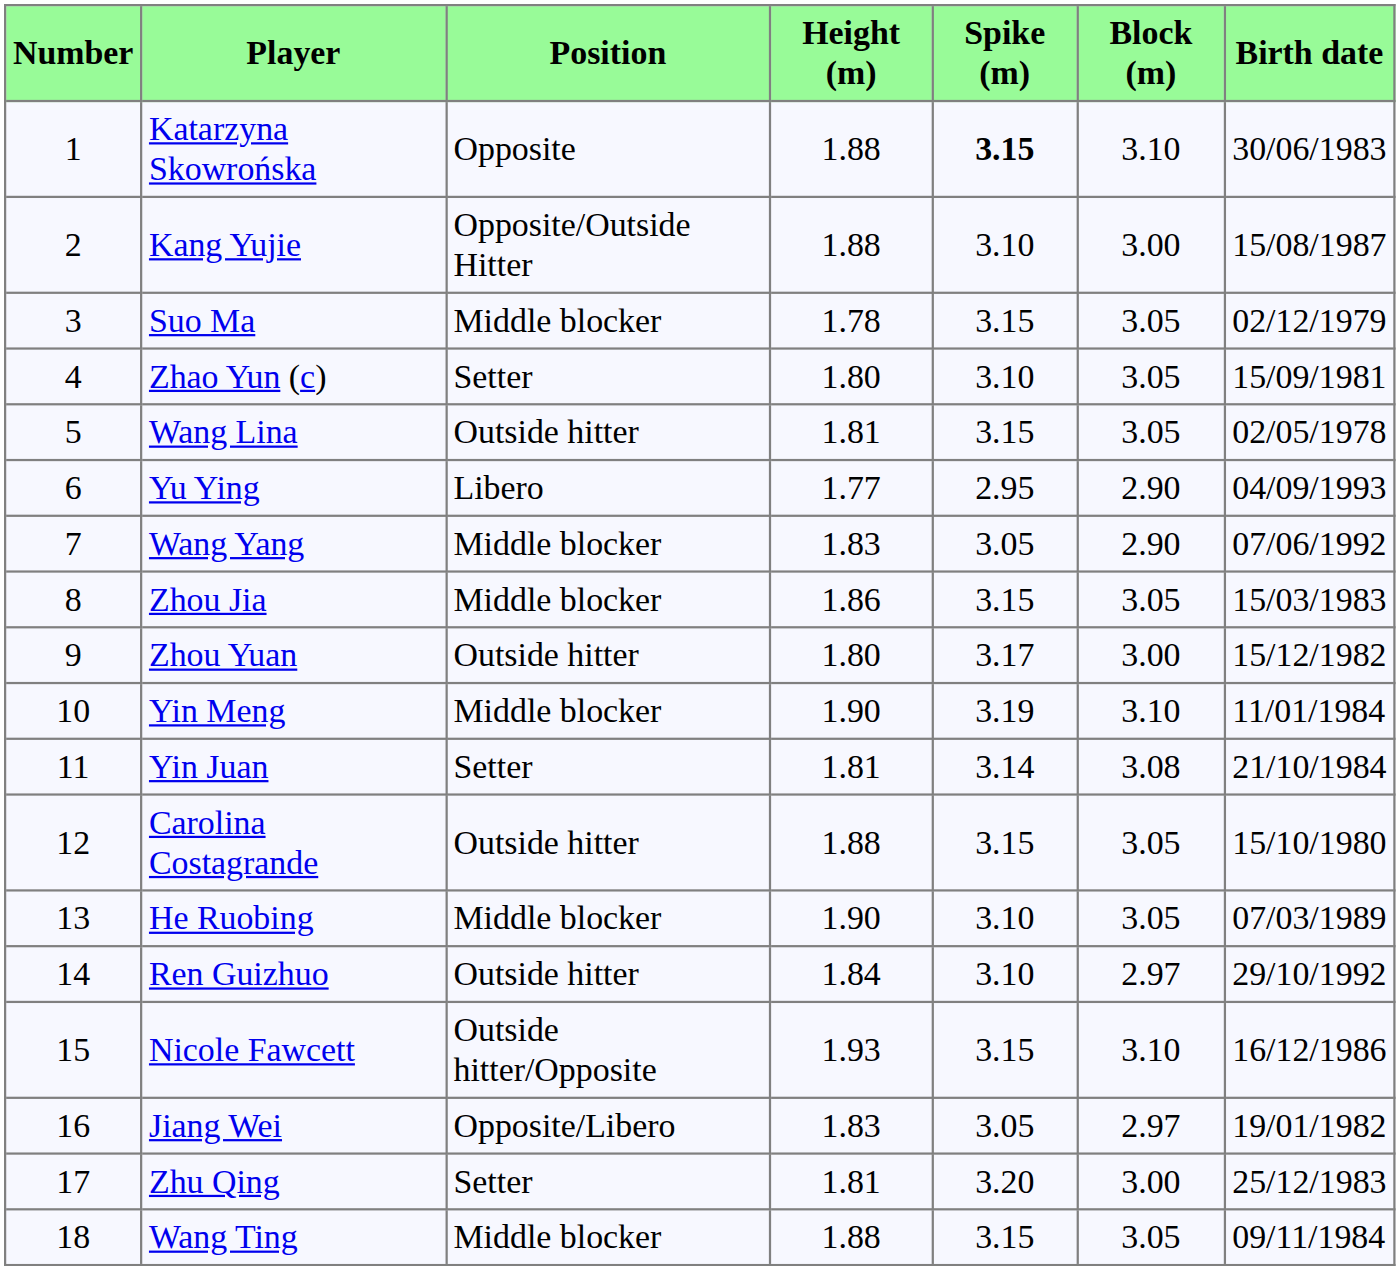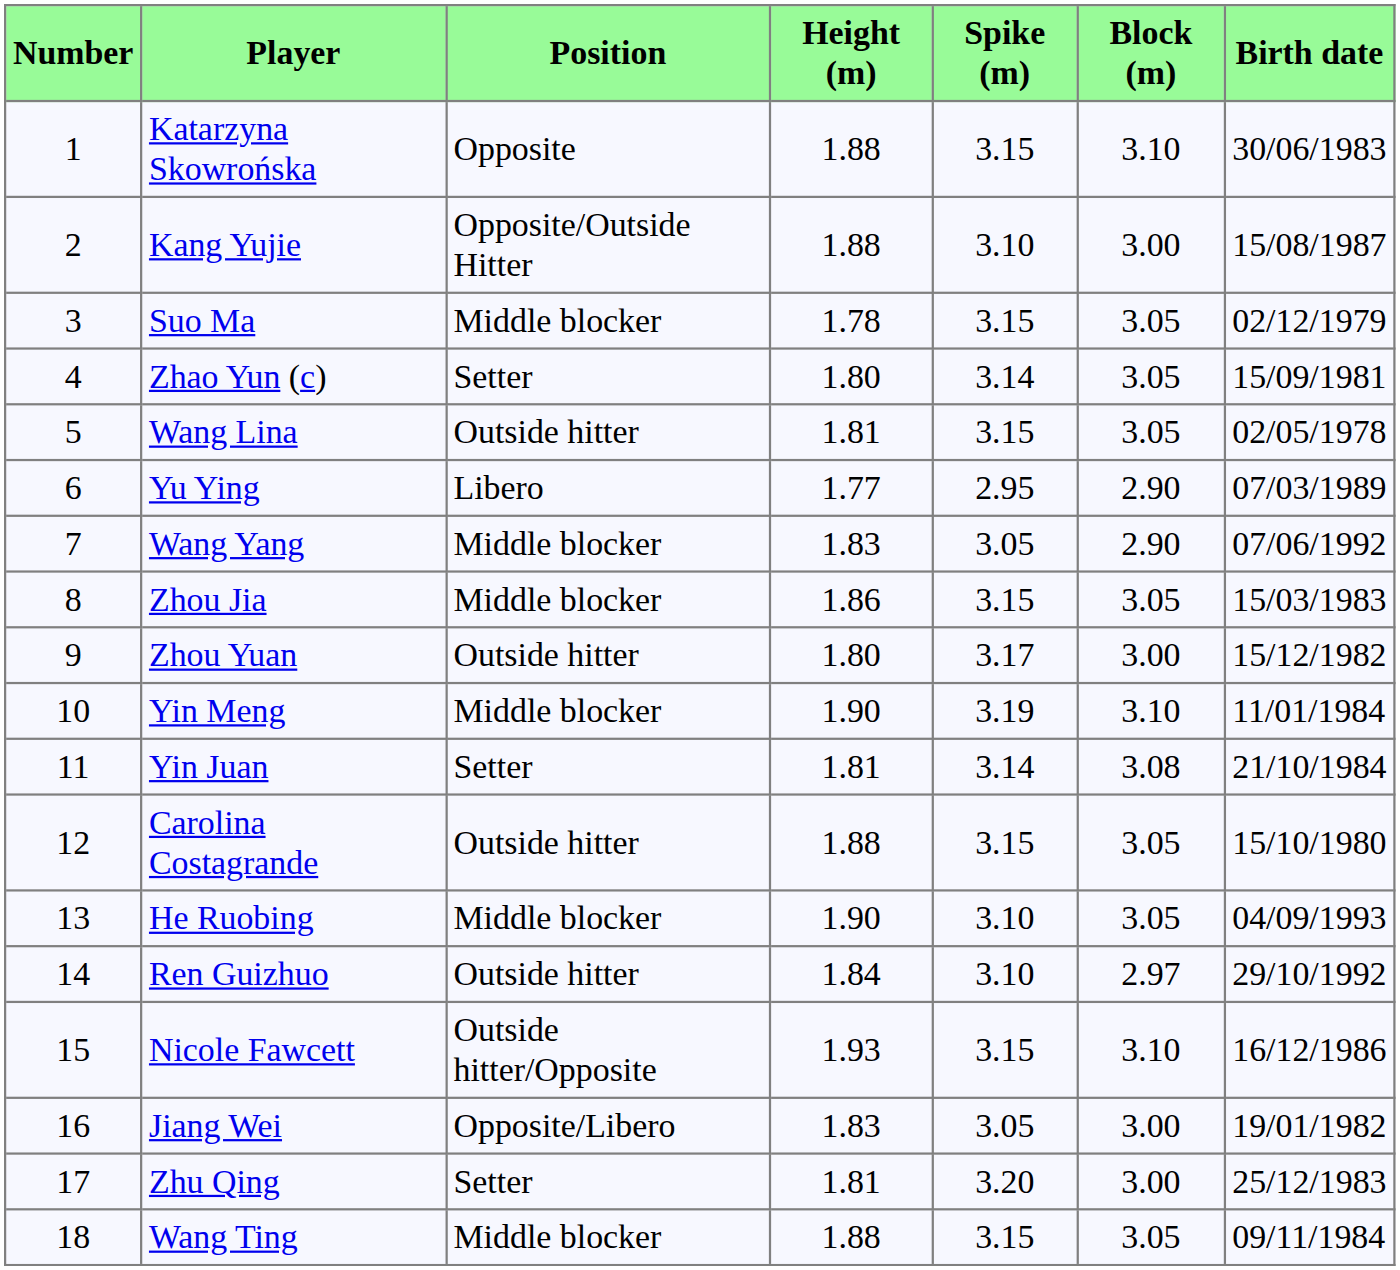 <table bgcolor="#f7f8ff" cellpadding="3" cellspacing="0" border="1" style="font-size: 95%; border: gray solid 1px; border-collapse: collapse;">
 <tr bgcolor="98FB98">
 <td align=center><strong>Number</strong></td>
 <td align=center><strong>Player</strong></td>
 <td align=center><strong>Position</strong></td>
 <td align=center><strong>Height (m)</strong></td>
 <td align=center><strong>Spike (m)</strong></td>
 <td align=center><strong>Block (m)</strong></td>
 <td align=center><strong>Birth date</strong></td>
 </tr>
 <tr align="left">
 <td align="center">1</td>
 <td> <a href='#'>Katarzyna Skowrońska</a></td>
 <td>Opposite</td>
 <td align="center">1.88</td>
-<td align="center"><strong>3.15</strong></td>
+<td align="center">3.15</td>
 <td align="center">3.10</td>
 <td>30/06/1983</td>
 </tr>
 <tr align=left>
 <td align="center">2</td>
 <td> <a href='#'>Kang Yujie</a></td>
 <td>Opposite/Outside Hitter</td>
 <td align="center">1.88</td>
 <td align="center">3.10</td>
 <td align="center">3.00</td>
 <td>15/08/1987</td>
 </tr>
 <tr align="left">
 <td align="center">3</td>
 <td> <a href='#'>Suo Ma</a></td>
 <td>Middle blocker</td>
 <td align="center">1.78</td>
 <td align="center">3.15</td>
 <td align="center">3.05</td>
 <td>02/12/1979</td>
 </tr>
 <tr align=left>
 <td align="center">4</td>
 <td> <a href='#'>Zhao Yun</a> (<a href='#'>c</a>)</td>
 <td>Setter</td>
 <td align="center">1.80</td>
-<td align="center">3.10</td>
+<td align="center">3.14</td>
 <td align="center">3.05</td>
 <td>15/09/1981</td>
 </tr>
 <tr align=left>
 <td align="center">5</td>
 <td>  <a href='#'>Wang Lina</a></td>
 <td>Outside hitter</td>
 <td align="center">1.81</td>
 <td align="center">3.15</td>
 <td align="center">3.05</td>
 <td>02/05/1978</td>
 </tr>
 <tr align=left>
 <td align="center">6</td>
 <td> <a href='#'>Yu Ying</a></td>
 <td>Libero</td>
 <td align="center">1.77</td>
 <td align="center">2.95</td>
 <td align="center">2.90</td>
-<td>04/09/1993</td>
+<td>07/03/1989</td>
 </tr>
 <tr align=left>
 <td align="center">7</td>
 <td> <a href='#'>Wang Yang</a></td>
 <td>Middle blocker</td>
 <td align="center">1.83</td>
 <td align="center">3.05</td>
 <td align="center">2.90</td>
 <td>07/06/1992</td>
 </tr>
 <tr align=left>
 <td align="center">8</td>
 <td> <a href='#'>Zhou Jia</a></td>
 <td>Middle blocker</td>
 <td align="center">1.86</td>
 <td align="center">3.15</td>
 <td align="center">3.05</td>
 <td>15/03/1983</td>
 </tr>
 <tr align=left>
 <td align="center">9</td>
 <td> <a href='#'>Zhou Yuan</a></td>
 <td>Outside hitter</td>
 <td align="center">1.80</td>
 <td align="center">3.17</td>
 <td align="center">3.00</td>
 <td>15/12/1982</td>
 </tr>
 <tr align=left>
 <td align="center">10</td>
 <td> <a href='#'>Yin Meng</a></td>
 <td>Middle blocker</td>
 <td align="center">1.90</td>
 <td align="center">3.19</td>
 <td align="center">3.10</td>
 <td>11/01/1984</td>
 </tr>
 <tr align=left>
 <td align="center">11</td>
 <td> <a href='#'>Yin Juan</a></td>
 <td>Setter</td>
 <td align="center">1.81</td>
 <td align="center">3.14</td>
 <td align="center">3.08</td>
 <td>21/10/1984</td>
 </tr>
 <tr align="left">
 <td align="center">12</td>
 <td> <a href='#'>Carolina Costagrande</a></td>
 <td>Outside hitter</td>
 <td align="center">1.88</td>
 <td align="center">3.15</td>
 <td align="center">3.05</td>
 <td>15/10/1980</td>
 </tr>
 <tr align="left">
 <td align="center">13</td>
 <td> <a href='#'>He Ruobing</a></td>
 <td>Middle blocker</td>
 <td align="center">1.90</td>
 <td align="center">3.10</td>
 <td align="center">3.05</td>
-<td>07/03/1989</td>
+<td>04/09/1993</td>
 </tr>
 <tr align="left">
 <td align="center">14</td>
 <td> <a href='#'>Ren Guizhuo</a></td>
 <td>Outside hitter</td>
 <td align="center">1.84</td>
 <td align="center">3.10</td>
 <td align="center">2.97</td>
 <td>29/10/1992</td>
 </tr>
 <tr align=left>
 <td align="center">15</td>
 <td>  <a href='#'>Nicole Fawcett</a></td>
 <td>Outside hitter/Opposite</td>
 <td align="center">1.93</td>
 <td align="center">3.15</td>
 <td align="center">3.10</td>
 <td>16/12/1986</td>
 </tr>
 <tr align=left>
 <td align="center">16</td>
 <td> <a href='#'>Jiang Wei</a></td>
 <td>Opposite/Libero</td>
 <td align="center">1.83</td>
 <td align="center">3.05</td>
-<td align="center">2.97</td>
+<td align="center">3.00</td>
 <td>19/01/1982</td>
 </tr>
 <tr align=left>
 <td align="center">17</td>
 <td> <a href='#'>Zhu Qing</a></td>
 <td>Setter</td>
 <td align="center">1.81</td>
 <td align="center">3.20</td>
 <td align="center">3.00</td>
 <td>25/12/1983</td>
 </tr>
 <tr align="left">
 <td align="center">18</td>
 <td> <a href='#'>Wang Ting</a></td>
 <td>Middle blocker</td>
 <td align="center">1.88</td>
 <td align="center">3.15</td>
 <td align="center">3.05</td>
 <td>09/11/1984</td>
 </tr>
 </table>
